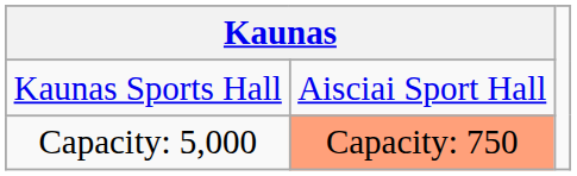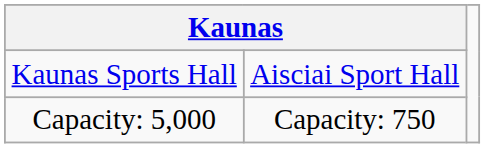 <table class="wikitable" style="text-align:center;">
 <tr>
 <th colspan=2><a href='#'>Kaunas</a></th>
 <td rowspan="4"><br></td>
 </tr>
 <tr>
 <td><a href='#'>Kaunas Sports Hall</a></td>
 <td><a href='#'>Aisciai Sport Hall</a></td>
 </tr>
 <tr>
 <td>Capacity: 5,000</td>
-<td style="background: lightsalmon;">Capacity: 750</td>
+<td>Capacity: 750</td>
 </tr>
 </table>
